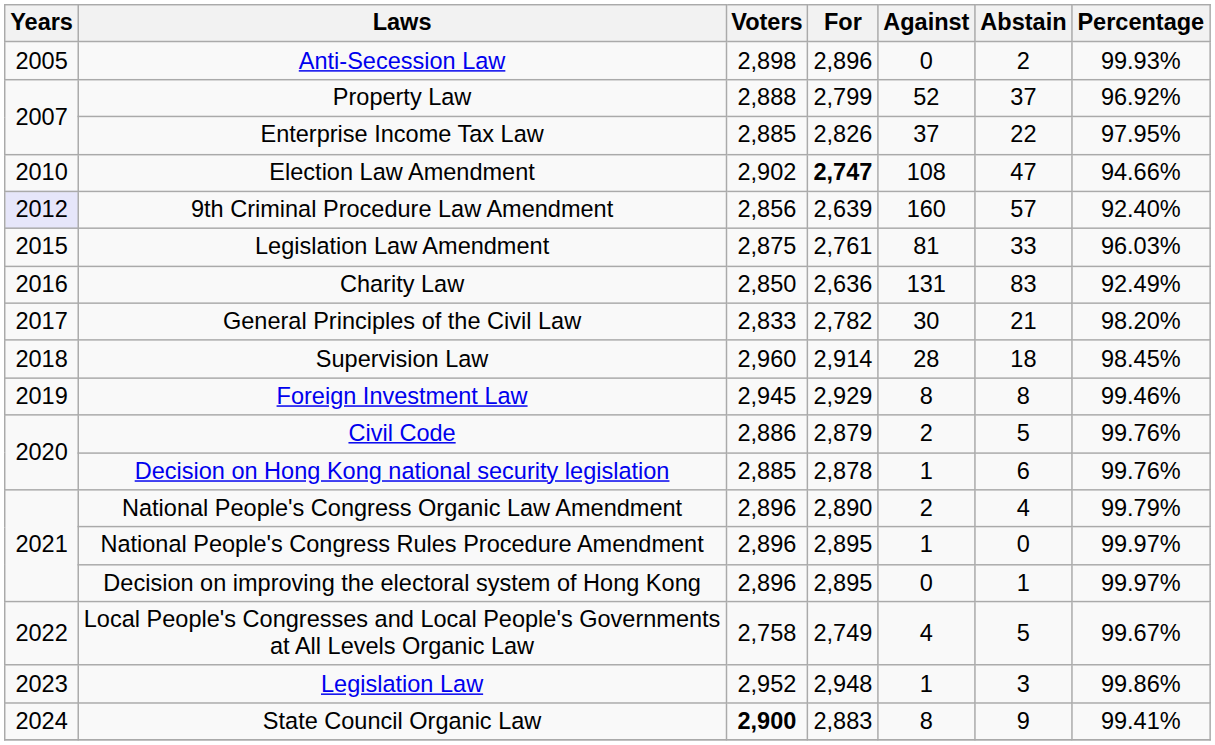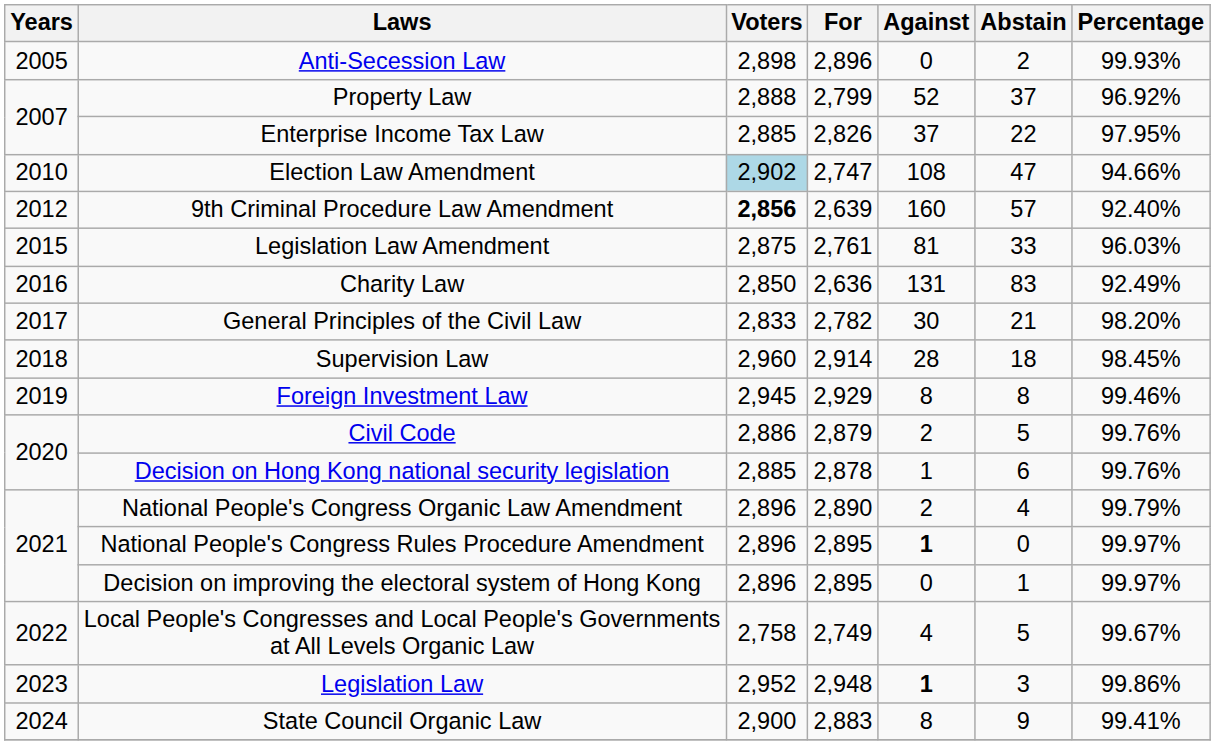 <table class="wikitable sortable" style="text-align: center;">
 <tr>
 <th>Years</th>
 <th>Laws</th>
 <th>Voters</th>
 <th>For</th>
 <th>Against</th>
 <th>Abstain</th>
 <th>Percentage</th>
 </tr>
 <tr>
 <td>2005</td>
 <td><a href='#'>Anti-Secession Law</a></td>
 <td>2,898</td>
 <td>2,896</td>
 <td>0</td>
 <td>2</td>
 <td>99.93%</td>
 </tr>
 <tr>
 <td rowspan=2>2007</td>
 <td>Property Law</td>
 <td>2,888</td>
 <td>2,799</td>
 <td>52</td>
 <td>37</td>
 <td>96.92%</td>
 </tr>
 <tr>
 <td>Enterprise Income Tax Law</td>
 <td>2,885</td>
 <td>2,826</td>
 <td>37</td>
 <td>22</td>
 <td>97.95%</td>
 </tr>
 <tr>
 <td>2010</td>
 <td>Election Law Amendment</td>
-<td>2,902</td>
-<td><strong>2,747</strong></td>
+<td style="background: lightblue;">2,902</td>
+<td>2,747</td>
 <td>108</td>
 <td>47</td>
 <td>94.66%</td>
 </tr>
 <tr>
-<td style="background: lavender;">2012</td>
+<td>2012</td>
 <td>9th Criminal Procedure Law Amendment</td>
-<td>2,856</td>
+<td><strong>2,856</strong></td>
 <td>2,639</td>
 <td>160</td>
 <td>57</td>
 <td>92.40%</td>
 </tr>
 <tr>
 <td>2015</td>
 <td>Legislation Law Amendment</td>
 <td>2,875</td>
 <td>2,761</td>
 <td>81</td>
 <td>33</td>
 <td>96.03%</td>
 </tr>
 <tr>
 <td>2016</td>
 <td>Charity Law</td>
 <td>2,850</td>
 <td>2,636</td>
 <td>131</td>
 <td>83</td>
 <td>92.49%</td>
 </tr>
 <tr>
 <td>2017</td>
 <td>General Principles of the Civil Law</td>
 <td>2,833</td>
 <td>2,782</td>
 <td>30</td>
 <td>21</td>
 <td>98.20%</td>
 </tr>
 <tr>
 <td>2018</td>
 <td>Supervision Law</td>
 <td>2,960</td>
 <td>2,914</td>
 <td>28</td>
 <td>18</td>
 <td>98.45%</td>
 </tr>
 <tr>
 <td>2019</td>
 <td><a href='#'>Foreign Investment Law</a></td>
 <td>2,945</td>
 <td>2,929</td>
 <td>8</td>
 <td>8</td>
 <td>99.46%</td>
 </tr>
 <tr>
 <td rowspan="2">2020</td>
 <td><a href='#'>Civil Code</a></td>
 <td>2,886</td>
 <td>2,879</td>
 <td>2</td>
 <td>5</td>
 <td>99.76%</td>
 </tr>
 <tr>
 <td><a href='#'>Decision on Hong Kong national security legislation</a></td>
 <td>2,885</td>
 <td>2,878</td>
 <td>1</td>
 <td>6</td>
 <td>99.76%</td>
 </tr>
 <tr>
 <td rowspan="3">2021</td>
 <td>National People's Congress Organic Law Amendment</td>
 <td>2,896</td>
 <td>2,890</td>
 <td>2</td>
 <td>4</td>
 <td>99.79%</td>
 </tr>
 <tr>
 <td>National People's Congress Rules Procedure Amendment</td>
 <td>2,896</td>
 <td>2,895</td>
-<td>1</td>
+<td><strong>1</strong></td>
 <td>0</td>
 <td>99.97%</td>
 </tr>
 <tr>
 <td>Decision on improving the electoral system of Hong Kong</td>
 <td>2,896</td>
 <td>2,895</td>
 <td>0</td>
 <td>1</td>
 <td>99.97%</td>
 </tr>
 <tr>
 <td>2022</td>
 <td>Local People's Congresses and Local People's Governments<br>at All Levels Organic Law</td>
 <td>2,758</td>
 <td>2,749</td>
 <td>4</td>
 <td>5</td>
 <td>99.67%</td>
 </tr>
 <tr>
 <td>2023</td>
 <td><a href='#'>Legislation Law</a></td>
 <td>2,952</td>
 <td>2,948</td>
-<td>1</td>
+<td><strong>1</strong></td>
 <td>3</td>
 <td>99.86%</td>
 </tr>
 <tr>
 <td>2024</td>
 <td>State Council Organic Law</td>
-<td><strong>2,900</strong></td>
+<td>2,900</td>
 <td>2,883</td>
 <td>8</td>
 <td>9</td>
 <td>99.41%</td>
 </tr>
 <tr>
 </tr>
 </table>
